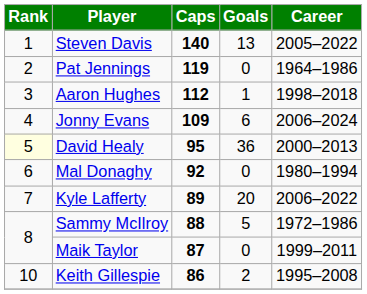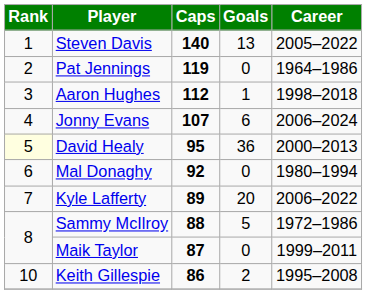 <table class="wikitable sortable" style="text-align:center;">
 <tr>
 <th style="background-color:#008000; color:white; ">Rank</th>
 <th style="background-color:#008000; color:white; ">Player</th>
 <th style="background-color:#008000; color:white; ">Caps</th>
 <th style="background-color:#008000; color:white; ">Goals</th>
 <th style="background-color:#008000; color:white; ">Career</th>
 </tr>
 <tr>
 <td>1</td>
 <td align="left"><a href='#'>Steven Davis</a></td>
 <td><strong>140</strong></td>
 <td>13</td>
 <td>2005–2022</td>
 </tr>
 <tr>
 <td>2</td>
 <td align="left"><a href='#'>Pat Jennings</a></td>
 <td><strong>119</strong></td>
 <td>0</td>
 <td>1964–1986</td>
 </tr>
 <tr>
 <td>3</td>
 <td align="left"><a href='#'>Aaron Hughes</a></td>
 <td><strong>112</strong></td>
 <td>1</td>
 <td>1998–2018</td>
 </tr>
 <tr>
 <td>4</td>
 <td align="left"><a href='#'>Jonny Evans</a></td>
-<td><strong>109</strong></td>
+<td><strong>107</strong></td>
 <td>6</td>
 <td>2006–2024</td>
 </tr>
 <tr>
 <td style="background: lightyellow;">5</td>
 <td align="left"><a href='#'>David Healy</a></td>
 <td><strong>95</strong></td>
 <td>36</td>
 <td>2000–2013</td>
 </tr>
 <tr>
 <td>6</td>
 <td align="left"><a href='#'>Mal Donaghy</a></td>
 <td><strong>92</strong></td>
 <td>0</td>
 <td>1980–1994</td>
 </tr>
 <tr>
 <td>7</td>
 <td align="left"><a href='#'>Kyle Lafferty</a></td>
 <td><strong>89</strong></td>
 <td>20</td>
 <td>2006–2022</td>
 </tr>
 <tr>
 <td rowspan="2">8</td>
 <td align="left"><a href='#'>Sammy McIlroy</a></td>
 <td><strong>88</strong></td>
 <td>5</td>
 <td>1972–1986</td>
 </tr>
 <tr>
 <td align="left"><a href='#'>Maik Taylor</a></td>
 <td><strong>87</strong></td>
 <td>0</td>
 <td>1999–2011</td>
 </tr>
 <tr>
 <td>10</td>
 <td align="left"><a href='#'>Keith Gillespie</a></td>
 <td><strong>86</strong></td>
 <td>2</td>
 <td>1995–2008</td>
 </tr>
 <tr>
 </tr>
 </table>
